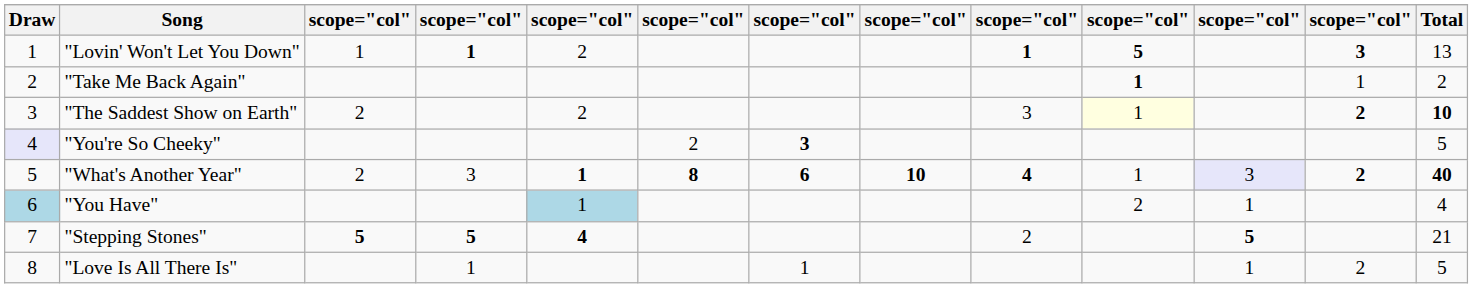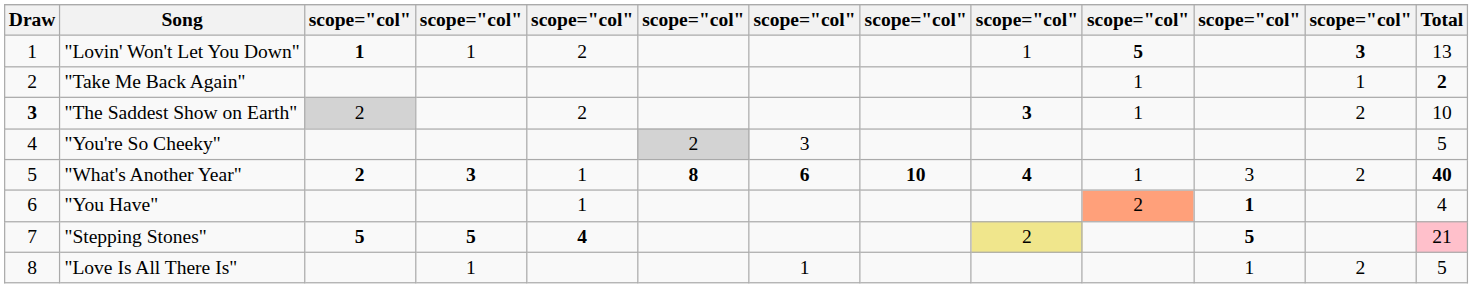 <table class="wikitable plainrowheaders" style="margin: 1em auto 1em auto; text-align:center;">
 <tr>
 </tr>
 <tr>
 <th scope="col">Draw</th>
 <th scope="col">Song</th>
 <th>scope="col" </th>
 <th>scope="col" </th>
 <th>scope="col" </th>
 <th>scope="col" </th>
 <th>scope="col" </th>
 <th>scope="col" </th>
 <th>scope="col" </th>
 <th>scope="col" </th>
 <th>scope="col" </th>
 <th>scope="col" </th>
 <th scope="col">Total</th>
 </tr>
 <tr --->
 <td>1</td>
 <td align="left">"Lovin' Won't Let You Down"</td>
+<td><strong>1</strong></td>
 <td>1</td>
-<td><strong>1</strong></td>
 <td>2</td>
 <td></td>
 <td></td>
 <td></td>
-<td><strong>1</strong></td>
+<td>1</td>
 <td><strong>5</strong></td>
 <td></td>
 <td><strong>3</strong></td>
 <td>13</td>
 </tr>
 <tr --->
 <td>2</td>
 <td align="left">"Take Me Back Again"</td>
 <td></td>
 <td></td>
 <td></td>
 <td></td>
 <td></td>
 <td></td>
 <td></td>
-<td><strong>1</strong></td>
+<td>1</td>
 <td></td>
 <td>1</td>
-<td>2</td>
+<td><strong>2</strong></td>
 </tr>
 <tr --->
-<td>3</td>
+<td><strong>3</strong></td>
 <td align="left">"The Saddest Show on Earth"</td>
-<td>2</td>
+<td style="background: lightgrey;">2</td>
 <td></td>
 <td>2</td>
 <td></td>
 <td></td>
 <td></td>
-<td>3</td>
-<td style="background: lightyellow;">1</td>
+<td><strong>3</strong></td>
+<td>1</td>
 <td></td>
-<td><strong>2</strong></td>
-<td><strong>10</strong></td>
+<td>2</td>
+<td>10</td>
 </tr>
 <tr --->
-<td style="background: lavender;">4</td>
+<td>4</td>
 <td align="left">"You're So Cheeky"</td>
 <td></td>
 <td></td>
 <td></td>
-<td>2</td>
-<td><strong>3</strong></td>
+<td style="background: lightgrey;">2</td>
+<td>3</td>
 <td></td>
 <td></td>
 <td></td>
 <td></td>
 <td></td>
 <td>5</td>
 </tr>
 <tr --->
 <td>5</td>
 <td align="left">"What's Another Year"</td>
-<td>2</td>
-<td>3</td>
-<td><strong>1</strong></td>
+<td><strong>2</strong></td>
+<td><strong>3</strong></td>
+<td>1</td>
 <td><strong>8</strong></td>
 <td><strong>6</strong></td>
 <td><strong>10</strong></td>
 <td><strong>4</strong></td>
 <td>1</td>
-<td style="background: lavender;">3</td>
-<td><strong>2</strong></td>
+<td>3</td>
+<td>2</td>
 <td><strong>40</strong></td>
 </tr>
 <tr --->
-<td style="background: lightblue;">6</td>
+<td>6</td>
 <td align="left">"You Have"</td>
 <td></td>
 <td></td>
-<td style="background: lightblue;">1</td>
+<td>1</td>
 <td></td>
 <td></td>
 <td></td>
 <td></td>
-<td>2</td>
-<td>1</td>
+<td style="background: lightsalmon;">2</td>
+<td><strong>1</strong></td>
 <td></td>
 <td>4</td>
 </tr>
 <tr --->
 <td>7</td>
 <td align="left">"Stepping Stones"</td>
 <td><strong>5</strong></td>
 <td><strong>5</strong></td>
 <td><strong>4</strong></td>
 <td></td>
 <td></td>
 <td></td>
-<td>2</td>
+<td style="background: khaki;">2</td>
 <td></td>
 <td><strong>5</strong></td>
 <td></td>
-<td>21</td>
+<td style="background: pink;">21</td>
 </tr>
 <tr --->
 <td>8</td>
 <td align="left">"Love Is All There Is"</td>
 <td></td>
 <td>1</td>
 <td></td>
 <td></td>
 <td>1</td>
 <td></td>
 <td></td>
 <td></td>
 <td>1</td>
 <td>2</td>
 <td>5</td>
 </tr>
 </table>
